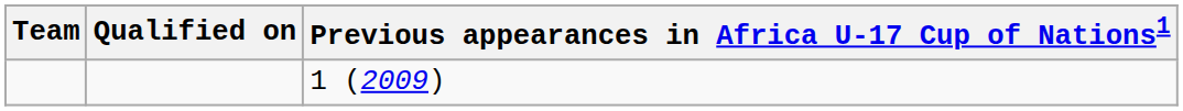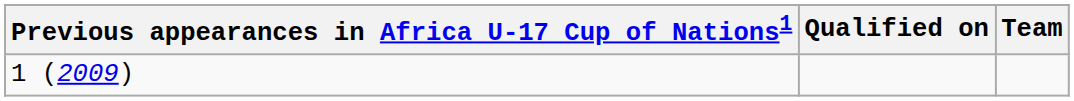 <table class="wikitable sortable">
 <tr>
+<th data-sort-type="number">Previous appearances in <a href='#'>Africa U-17 Cup of Nations</a><sup><strong><a href='#'>1</a></strong></sup></th>
+<th>Qualified on</th>
 <th>Team</th>
-<th>Qualified on</th>
-<th data-sort-type="number">Previous appearances in <a href='#'>Africa U-17 Cup of Nations</a><sup><strong><a href='#'>1</a></strong></sup></th>
 </tr>
 <tr>
+<td>1 (<em><a href='#'>2009</a></em>)</td>
 <td></td>
 <td></td>
-<td>1 (<em><a href='#'>2009</a></em>)</td>
 </tr>
 </table>
